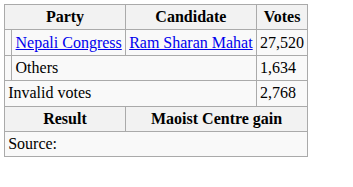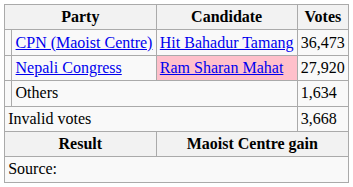 <table class="wikitable">
 <tr>
 <th colspan="2">Party</th>
 <th>Candidate</th>
 <th>Votes</th>
 </tr>
 <tr>
 <td style="background-color:"></td>
+<td><a href='#'>CPN (Maoist Centre)</a></td>
+<td><a href='#'>Hit Bahadur Tamang</a></td>
+<td>36,473</td>
+</tr>
+<tr>
+<td style="background-color:"></td>
 <td><a href='#'>Nepali Congress</a></td>
-<td><a href='#'>Ram Sharan Mahat</a></td>
-<td>27,520</td>
+<td style="background: pink;"><a href='#'>Ram Sharan Mahat</a></td>
+<td>27,920</td>
 </tr>
 <tr>
 <td></td>
 <td colspan="2">Others</td>
 <td>1,634</td>
 </tr>
 <tr>
 <td colspan="3">Invalid votes</td>
-<td>2,768</td>
+<td>3,668</td>
 </tr>
 <tr>
 <th colspan="2">Result</th>
 <th colspan="2">Maoist Centre gain</th>
 </tr>
 <tr>
 <td colspan="4">Source: </td>
 </tr>
 </table>
